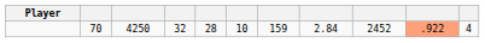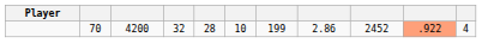 <table class="wikitable sortable" style="width:100%;">
 <tr style="text-align:center; background:#ddd;">
 <th>Player</th>
 <th></th>
 <th></th>
 <th></th>
 <th></th>
 <th></th>
 <th></th>
 <th></th>
 <th></th>
 <th></th>
 <th></th>
 </tr>
 <tr align=center>
 <td></td>
 <td>70</td>
-<td>4250</td>
+<td>4200</td>
 <td>32</td>
 <td>28</td>
 <td>10</td>
-<td>159</td>
-<td>2.84</td>
+<td>199</td>
+<td>2.86</td>
 <td>2452</td>
 <td style="background: lightsalmon;">.922</td>
 <td>4</td>
 </tr>
 </table>
